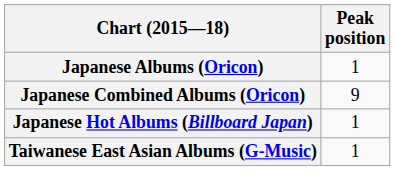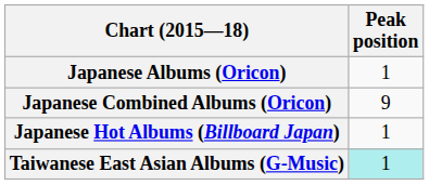 <table class="wikitable sortable plainrowheaders" style="text-align:center">
 <tr>
 <th scope="col">Chart (2015—18)</th>
 <th scope="col">Peak<br>position</th>
 </tr>
 <tr>
 <th scope="row">Japanese Albums (<a href='#'>Oricon</a>)</th>
 <td>1</td>
 </tr>
 <tr>
 <th scope="row">Japanese Combined Albums (<a href='#'>Oricon</a>)</th>
 <td>9</td>
 </tr>
 <tr>
 <th scope="row">Japanese <a href='#'>Hot Albums</a> (<em><a href='#'>Billboard Japan</a></em>)</th>
 <td>1</td>
 </tr>
 <tr>
 <th scope="row">Taiwanese East Asian Albums (<a href='#'>G-Music</a>)</th>
-<td>1</td>
+<td style="background: paleturquoise;">1</td>
 </tr>
 </table>
